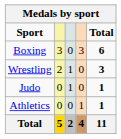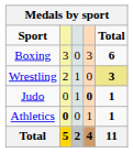 <table class=wikitable style="font-size:85%; float:right">
 <tr bgcolor=efefef>
 <th colspan=7>Medals by sport</th>
 </tr>
 <tr align=center>
 <td><strong>Sport</strong></td>
 <td bgcolor=f7f6a8></td>
 <td bgcolor=dce5e5></td>
 <td bgcolor=ffdab9></td>
 <td><strong>Total</strong></td>
 </tr>
 <tr align=center>
 <td><a href='#'>Boxing</a></td>
 <td style="background:#F7F6A8;">3</td>
 <td style="background:#DCE5E5;">0</td>
 <td style="background:#FFDAB9;">3</td>
 <td><strong>6</strong></td>
 </tr>
 <tr align=center>
 <td><a href='#'>Wrestling</a></td>
 <td style="background:#F7F6A8;">2</td>
 <td style="background:#DCE5E5;">1</td>
 <td style="background:#FFDAB9;">0</td>
-<td><strong>3</strong></td>
+<td style="background: khaki;"><strong>3</strong></td>
 </tr>
 <tr align=center>
 <td><a href='#'>Judo</a></td>
 <td style="background:#F7F6A8;">0</td>
 <td style="background:#DCE5E5;">1</td>
-<td style="background:#FFDAB9;">0</td>
+<td style="background:#FFDAB9;"><strong>0</strong></td>
 <td><strong>1</strong></td>
 </tr>
 <tr align=center>
 <td><a href='#'>Athletics</a></td>
-<td style="background:#F7F6A8;">0</td>
+<td style="background:#F7F6A8;"><strong>0</strong></td>
 <td style="background:#DCE5E5;">0</td>
 <td style="background:#FFDAB9;">1</td>
 <td><strong>1</strong></td>
 </tr>
 <tr align=center>
 <th>Total</th>
 <th style="background:gold">5</th>
 <th style="background:silver">2</th>
 <th style="background:#c96">4</th>
 <th>11</th>
 </tr>
 </table>
